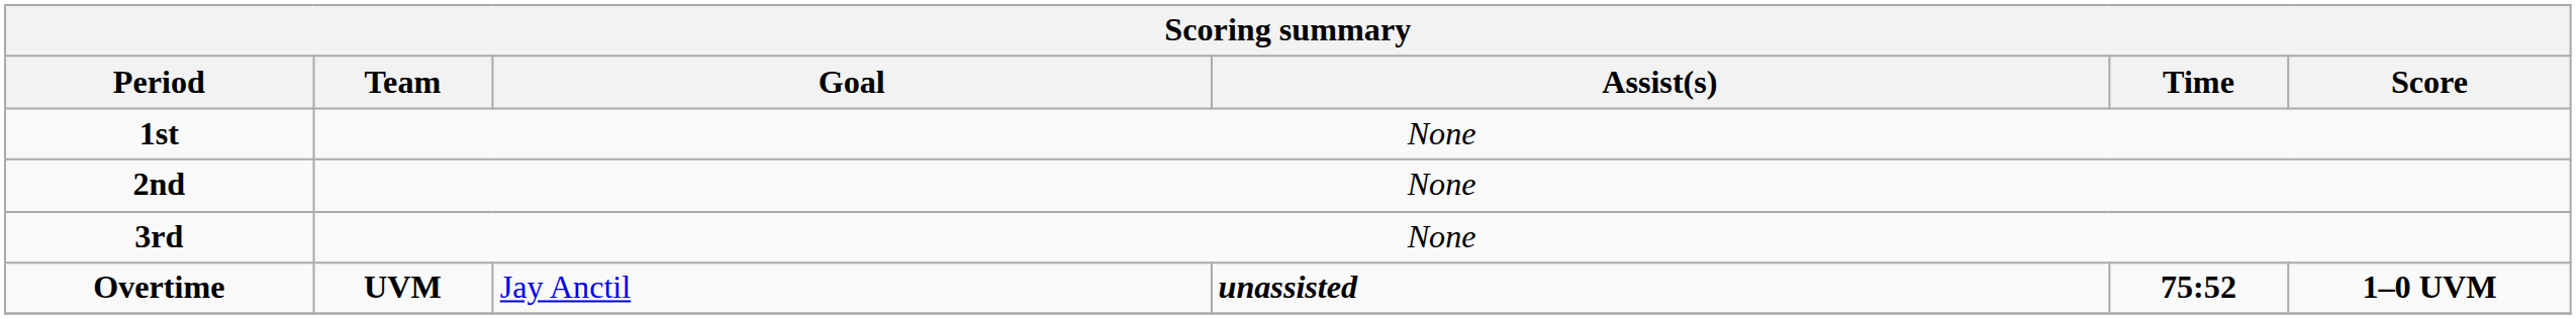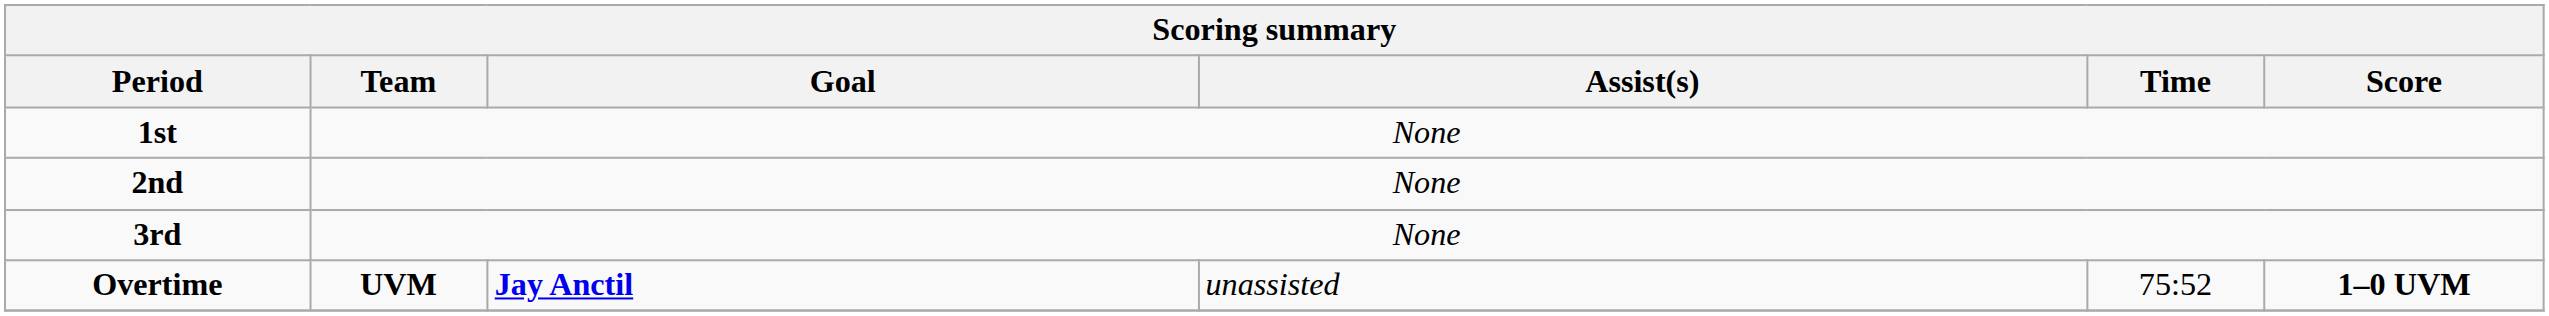 <table style="width:100%;" class="wikitable">
 <tr>
 <th colspan=6>Scoring summary</th>
 </tr>
 <tr>
 <th style="width:12%;">Period</th>
 <th style="width:7%;">Team</th>
 <th style="width:28%;">Goal</th>
 <th style="width:35%;">Assist(s)</th>
 <th style="width:7%;">Time</th>
 <th style="width:11%;">Score</th>
 </tr>
 <tr>
 <td style="text-align:center;" rowspan="1"><strong>1st</strong></td>
 <td style="text-align:center;" colspan="5"><em>None</em></td>
 </tr>
 <tr>
 <td style="text-align:center;" rowspan="1"><strong>2nd</strong></td>
 <td style="text-align:center;" colspan="5"><em>None</em></td>
 </tr>
 <tr>
 <td style="text-align:center;" rowspan="1"><strong>3rd</strong></td>
 <td style="text-align:center;" colspan="5"><em>None</em></td>
 </tr>
 <tr>
 <td style="text-align:center;" rowspan="1"><strong>Overtime</strong></td>
 <td align=center><strong>UVM</strong></td>
-<td><a href='#'>Jay Anctil</a></td>
-<td><strong><em>unassisted</em></strong></td>
-<td align=center><strong>75:52</strong></td>
+<td><strong><a href='#'>Jay Anctil</a></strong></td>
+<td><em>unassisted</em></td>
+<td align=center>75:52</td>
 <td align=center><strong>1–0 UVM</strong></td>
 </tr>
 <tr>
 </tr>
 </table>
